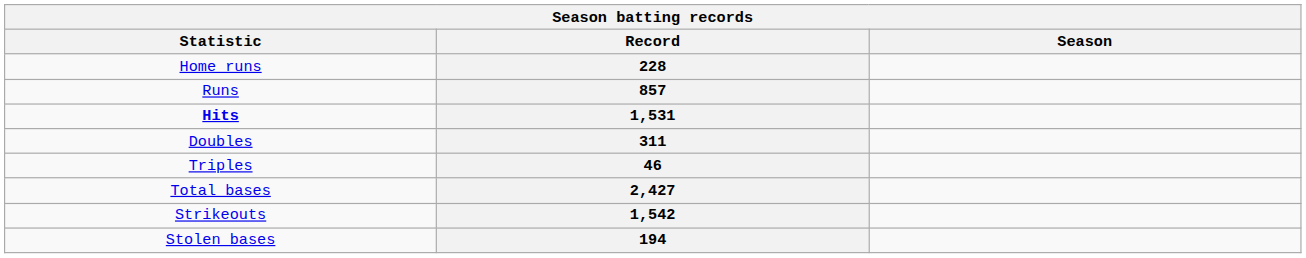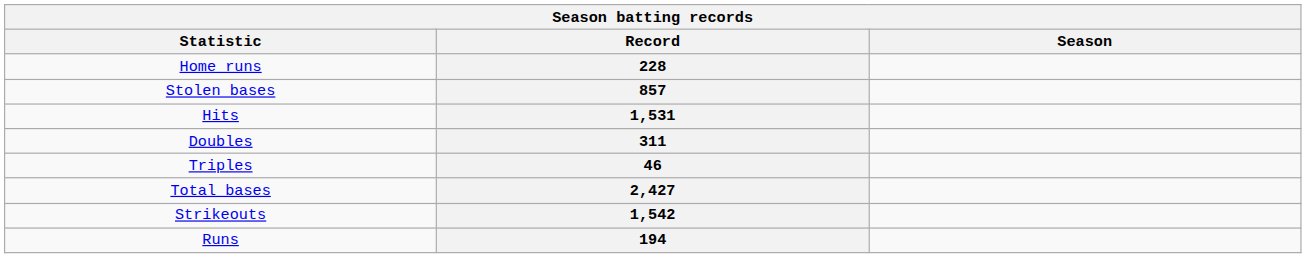 <table class="wikitable" style="text-align:center" width="70%">
 <tr>
 <th colspan=5>Season batting records</th>
 </tr>
 <tr>
 <th scope="col" width=20%>Statistic</th>
 <th scope="col" class="unsortable" width=20%>Record</th>
 <th scope="col" width=20%>Season</th>
 </tr>
 <tr>
 <td><a href='#'>Home runs</a></td>
 <th scope="row">228</th>
 <td></td>
 </tr>
 <tr>
-<td><a href='#'>Runs</a></td>
+<td><a href='#'>Stolen bases</a></td>
 <th scope="row">857</th>
 <td></td>
 </tr>
 <tr>
-<td><strong><a href='#'>Hits</a></strong></td>
+<td><a href='#'>Hits</a></td>
 <th scope="row">1,531</th>
 <td></td>
 </tr>
 <tr>
 <td><a href='#'>Doubles</a></td>
 <th scope="row">311</th>
 <td></td>
 </tr>
 <tr>
 <td><a href='#'>Triples</a></td>
 <th scope="row">46</th>
 <td></td>
 </tr>
 <tr>
 <td><a href='#'>Total bases</a></td>
 <th scope="row">2,427</th>
 <td></td>
 </tr>
 <tr>
 <td><a href='#'>Strikeouts</a></td>
 <th scope="row">1,542</th>
 <td></td>
 </tr>
 <tr>
-<td><a href='#'>Stolen bases</a></td>
+<td><a href='#'>Runs</a></td>
 <th scope="row">194</th>
 <td></td>
 </tr>
 </table>
